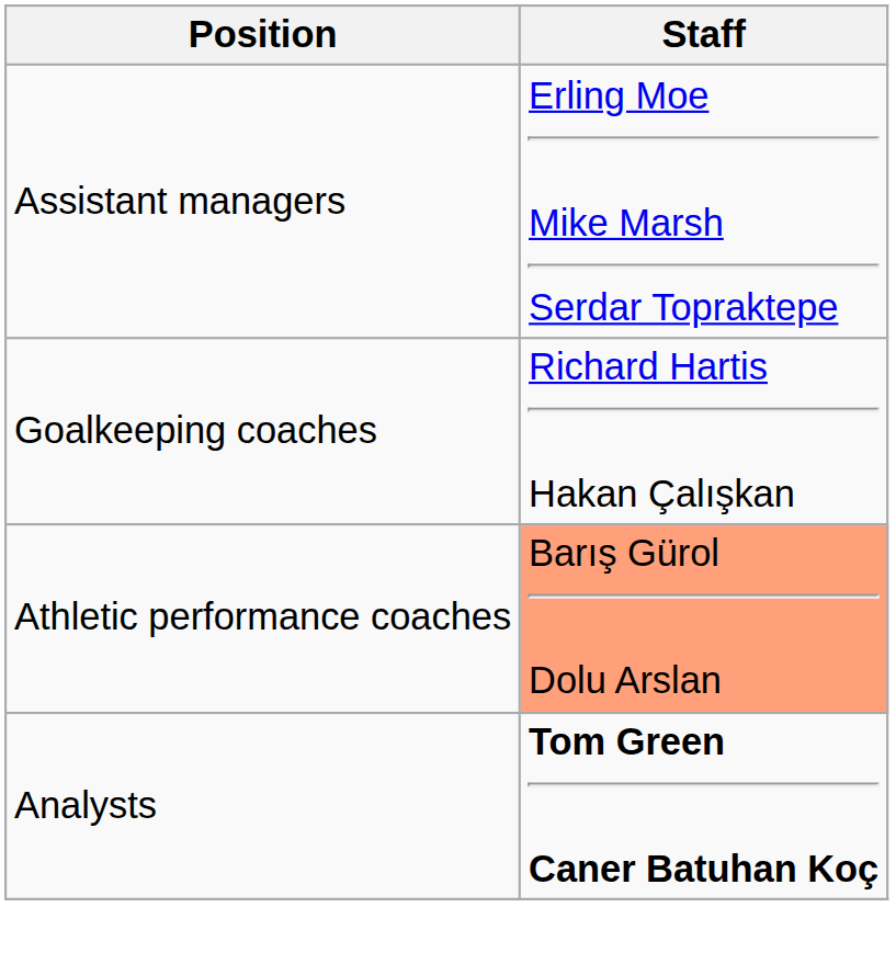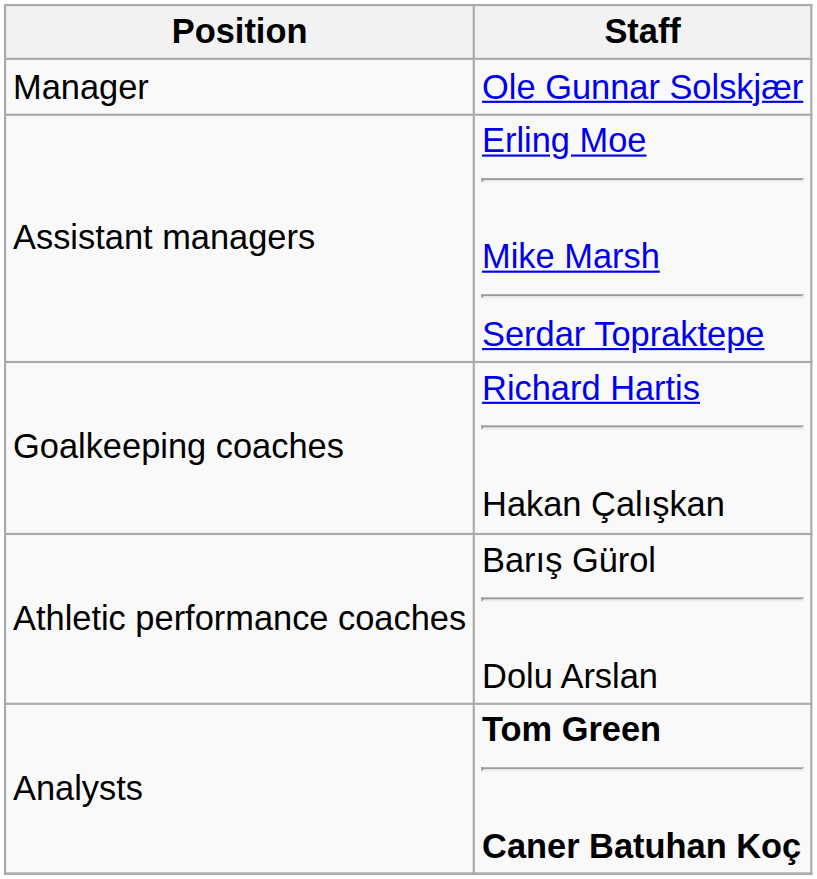 <table class="wikitable sortable" style="text-align: left">
 <tr>
 <th>Position</th>
 <th>Staff</th>
+</tr>
+<tr>
+<td style="text-align:left">Manager</td>
+<td> <a href='#'>Ole Gunnar Solskjær</a></td>
 </tr>
 <tr>
 <td style="text-align:left">Assistant managers</td>
 <td> <a href='#'>Erling Moe</a> <hr><br> <a href='#'> Mike Marsh</a> <hr>  <a href='#'>Serdar Topraktepe</a></td>
 </tr>
 <tr>
 <td style="text-align:left">Goalkeeping coaches</td>
 <td> <a href='#'>Richard Hartis</a> <hr><br> Hakan Çalışkan</td>
 </tr>
 <tr>
 <td style="text-align:left">Athletic performance coaches</td>
-<td style="background: lightsalmon;"> Barış Gürol <hr><br> Dolu Arslan</td>
+<td> Barış Gürol <hr><br> Dolu Arslan</td>
 </tr>
 <tr>
 <td style="text-align:left">Analysts</td>
 <td><strong> Tom Green <hr><br> Caner Batuhan Koç</strong></td>
 </tr>
 <tr>
 </tr>
 </table>
